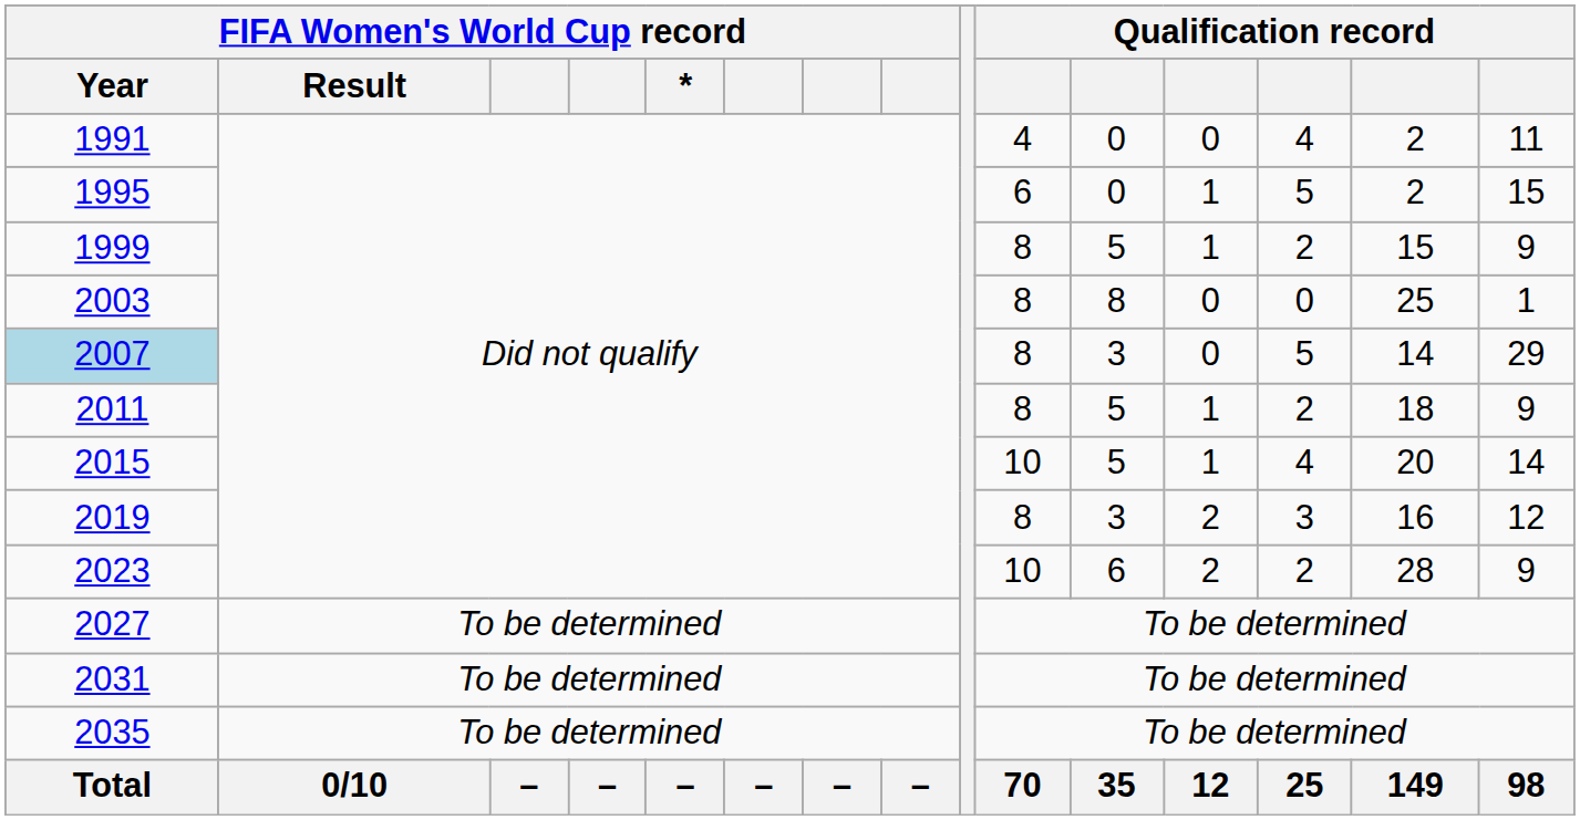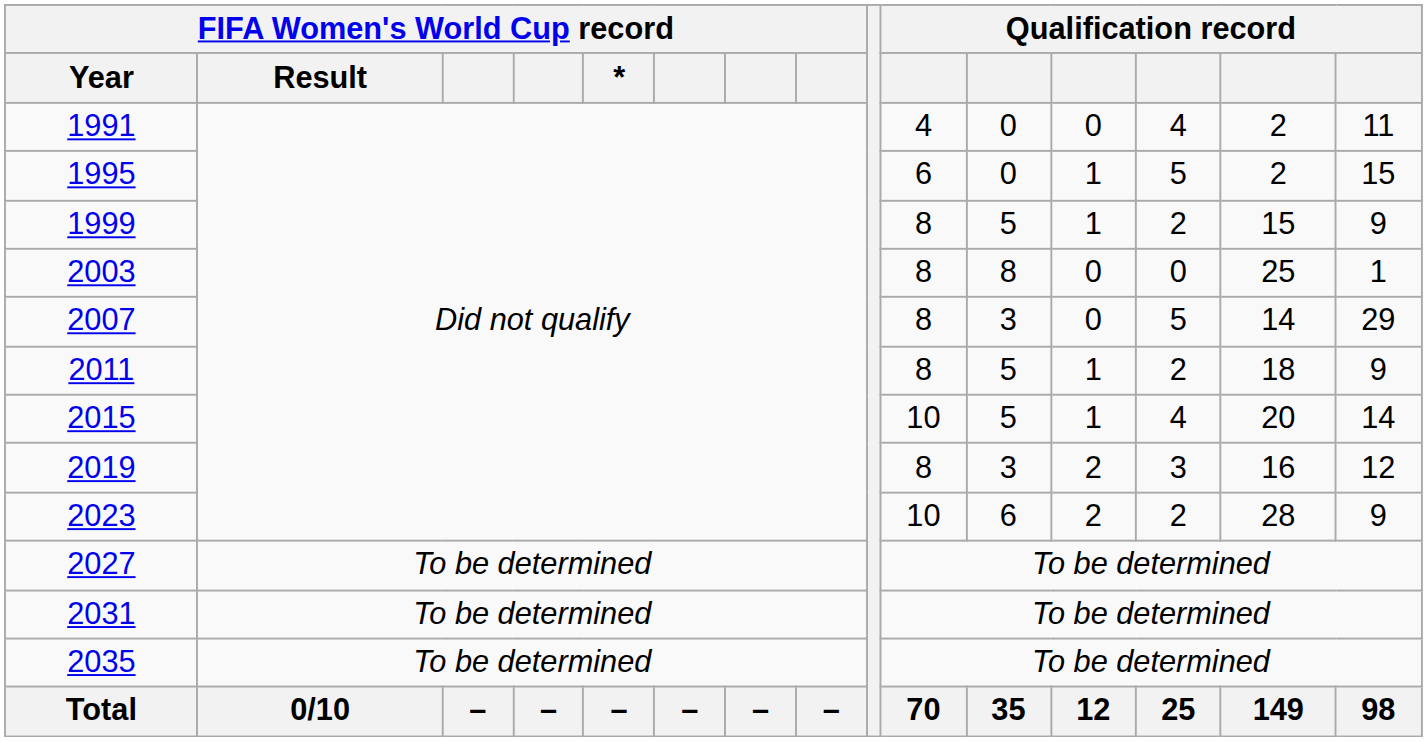 <table class="wikitable" style="text-align: center;">
 <tr>
 <th colspan=8><a href='#'>FIFA Women's World Cup</a> record</th>
 <th style="width:1%;" rowspan="17"></th>
 <th colspan=6>Qualification record</th>
 </tr>
 <tr>
 <th>Year</th>
 <th>Result</th>
 <th></th>
 <th></th>
 <th> *</th>
 <th></th>
 <th></th>
 <th></th>
 <th></th>
 <th></th>
 <th></th>
 <th></th>
 <th></th>
 <th></th>
 </tr>
 <tr>
 <td> <a href='#'>1991</a></td>
 <td colspan="7" rowspan="9"><em>Did not qualify</em></td>
 <td>4</td>
 <td>0</td>
 <td>0</td>
 <td>4</td>
 <td>2</td>
 <td>11</td>
 </tr>
 <tr>
 <td> <a href='#'>1995</a></td>
 <td>6</td>
 <td>0</td>
 <td>1</td>
 <td>5</td>
 <td>2</td>
 <td>15</td>
 </tr>
 <tr>
 <td> <a href='#'>1999</a></td>
 <td>8</td>
 <td>5</td>
 <td>1</td>
 <td>2</td>
 <td>15</td>
 <td>9</td>
 </tr>
 <tr>
 <td> <a href='#'>2003</a></td>
 <td>8</td>
 <td>8</td>
 <td>0</td>
 <td>0</td>
 <td>25</td>
 <td>1</td>
 </tr>
 <tr>
-<td style="background: lightblue;"> <a href='#'>2007</a></td>
+<td> <a href='#'>2007</a></td>
 <td>8</td>
 <td>3</td>
 <td>0</td>
 <td>5</td>
 <td>14</td>
 <td>29</td>
 </tr>
 <tr>
 <td> <a href='#'>2011</a></td>
 <td>8</td>
 <td>5</td>
 <td>1</td>
 <td>2</td>
 <td>18</td>
 <td>9</td>
 </tr>
 <tr>
 <td> <a href='#'>2015</a></td>
 <td>10</td>
 <td>5</td>
 <td>1</td>
 <td>4</td>
 <td>20</td>
 <td>14</td>
 </tr>
 <tr>
 <td> <a href='#'>2019</a></td>
 <td>8</td>
 <td>3</td>
 <td>2</td>
 <td>3</td>
 <td>16</td>
 <td>12</td>
 </tr>
 <tr>
 <td> <a href='#'>2023</a></td>
 <td>10</td>
 <td>6</td>
 <td>2</td>
 <td>2</td>
 <td>28</td>
 <td>9</td>
 </tr>
 <tr>
 <td> <a href='#'>2027</a></td>
 <td colspan="7"><em>To be determined</em></td>
 <td colspan="6"><em>To be determined</em></td>
 </tr>
 <tr>
 <td> <a href='#'>2031</a></td>
 <td colspan="7"><em>To be determined</em></td>
 <td colspan="6"><em>To be determined</em></td>
 </tr>
 <tr>
 <td> <a href='#'>2035</a></td>
 <td colspan="7"><em>To be determined</em></td>
 <td colspan="6"><em>To be determined</em></td>
 </tr>
 <tr>
 <th><strong>Total</strong></th>
 <th><strong>0/10</strong></th>
 <th><strong>–</strong></th>
 <th><strong>–</strong></th>
 <th><strong>–</strong></th>
 <th><strong>–</strong></th>
 <th><strong>–</strong></th>
 <th><strong>–</strong></th>
 <th><strong>70</strong></th>
 <th><strong>35</strong></th>
 <th><strong>12</strong></th>
 <th><strong>25</strong></th>
 <th><strong>149</strong></th>
 <th><strong>98</strong></th>
 </tr>
 </table>
